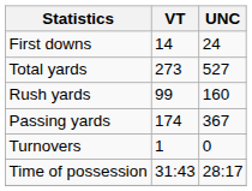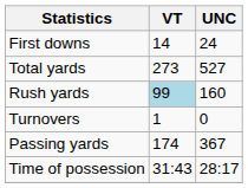 <table class="wikitable" style="float: left;">
 <tr>
 <th>Statistics</th>
 <th>VT</th>
 <th>UNC</th>
 </tr>
 <tr>
 <td>First downs</td>
 <td>14</td>
 <td>24</td>
 </tr>
 <tr>
 <td>Total yards</td>
 <td>273</td>
 <td>527</td>
 </tr>
 <tr>
 <td>Rush yards</td>
-<td>99</td>
+<td style="background: lightblue;">99</td>
 <td>160</td>
+</tr>
+<tr>
+<td>Turnovers</td>
+<td>1</td>
+<td>0</td>
 </tr>
 <tr>
 <td>Passing yards</td>
 <td>174</td>
 <td>367</td>
-</tr>
-<tr>
-<td>Turnovers</td>
-<td>1</td>
-<td>0</td>
 </tr>
 <tr>
 <td>Time of possession</td>
 <td>31:43</td>
 <td>28:17</td>
 </tr>
 <tr>
 </tr>
 </table>
